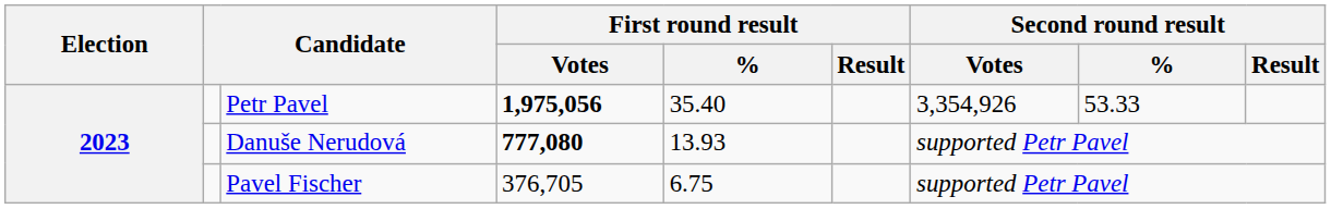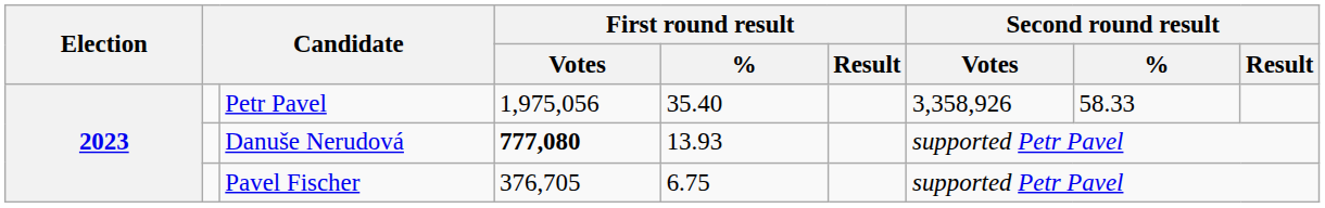 <table class="wikitable" style=text-align:center">
 <tr>
 <th width="120" rowspan="2">Election</th>
 <th width="180" rowspan="2" colspan=2>Candidate</th>
 <th width="200" colspan=3>First round result</th>
 <th width="200" colspan=3>Second round result</th>
 </tr>
 <tr>
 <th width="100">Votes</th>
 <th width="100">%</th>
 <th>Result</th>
 <th width="100">Votes</th>
 <th width="100">%</th>
 <th>Result</th>
 </tr>
 <tr>
 <th rowspan=3><a href='#'>2023</a></th>
 <td style="background-color: "></td>
 <td><a href='#'>Petr Pavel</a></td>
-<td><strong>1,975,056</strong></td>
+<td>1,975,056</td>
 <td>35.40</td>
 <td></td>
-<td>3,354,926</td>
-<td>53.33</td>
+<td>3,358,926</td>
+<td>58.33</td>
 <td></td>
 </tr>
 <tr>
 <td style="background-color: "></td>
 <td><a href='#'>Danuše Nerudová</a></td>
 <td><strong>777,080</strong></td>
 <td>13.93</td>
 <td></td>
 <td colspan=3><em>supported <a href='#'>Petr Pavel</a></em></td>
 </tr>
 <tr>
 <td style="background-color: "></td>
 <td><a href='#'>Pavel Fischer</a></td>
 <td>376,705</td>
 <td>6.75</td>
 <td></td>
 <td colspan=3><em>supported <a href='#'>Petr Pavel</a></em></td>
 </tr>
 </table>
